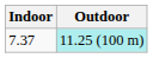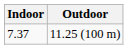 <table class="wikitable" border="1" align="upright">
 <tr>
 <th>Indoor</th>
 <th>Outdoor</th>
 </tr>
 <tr>
 <td>7.37</td>
-<td style="background: paleturquoise;">11.25 (100 m)</td>
+<td>11.25 (100 m)</td>
 </tr>
 </table>
